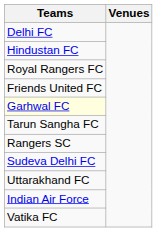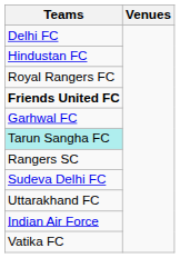 <table class=wikitable>
 <tr>
 <th>Teams</th>
 <th>Venues</th>
 </tr>
 <tr>
 <td><a href='#'>Delhi FC</a></td>
 <td rowspan=11> <br> <br></td>
 </tr>
 <tr>
 <td><a href='#'>Hindustan FC</a></td>
 </tr>
 <tr>
 <td>Royal Rangers FC</td>
 </tr>
 <tr>
-<td>Friends United FC</td>
+<td><strong>Friends United FC</strong></td>
 </tr>
 <tr>
-<td style="background: lightyellow;"><a href='#'>Garhwal FC</a></td>
+<td><a href='#'>Garhwal FC</a></td>
 </tr>
 <tr>
-<td>Tarun Sangha FC</td>
+<td style="background: paleturquoise;">Tarun Sangha FC</td>
 </tr>
 <tr>
 <td>Rangers SC</td>
 </tr>
 <tr>
 <td><a href='#'>Sudeva Delhi FC</a></td>
 </tr>
 <tr>
 <td>Uttarakhand FC</td>
 </tr>
 <tr>
 <td><a href='#'>Indian Air Force</a></td>
 </tr>
 <tr>
 <td>Vatika FC</td>
 </tr>
 </table>
